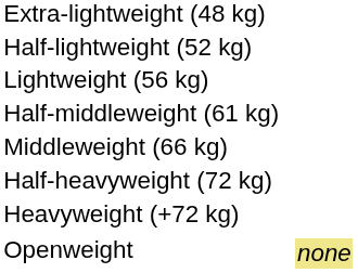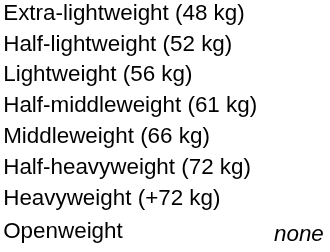 <table>
 <tr>
 <td rowspan=2>Extra-lightweight (48 kg)<br></td>
 <td rowspan=2></td>
 <td rowspan=2></td>
 <td></td>
 </tr>
 <tr>
 <td></td>
 </tr>
 <tr>
 <td rowspan=2>Half-lightweight (52 kg)<br></td>
 <td rowspan=2></td>
 <td rowspan=2></td>
 <td></td>
 </tr>
 <tr>
 <td></td>
 </tr>
 <tr>
 <td rowspan=2>Lightweight (56 kg)<br></td>
 <td rowspan=2></td>
 <td rowspan=2></td>
 <td></td>
 </tr>
 <tr>
 <td></td>
 </tr>
 <tr>
 <td rowspan=2>Half-middleweight (61 kg)<br></td>
 <td rowspan=2></td>
 <td rowspan=2></td>
 <td></td>
 </tr>
 <tr>
 <td></td>
 </tr>
 <tr>
 <td rowspan=2>Middleweight (66 kg)<br></td>
 <td rowspan=2></td>
 <td rowspan=2></td>
 <td></td>
 </tr>
 <tr>
 <td></td>
 </tr>
 <tr>
 <td rowspan=2>Half-heavyweight (72 kg)<br></td>
 <td rowspan=2></td>
 <td rowspan=2></td>
 <td></td>
 </tr>
 <tr>
 <td></td>
 </tr>
 <tr>
 <td rowspan=2>Heavyweight (+72 kg)<br></td>
 <td rowspan=2></td>
 <td rowspan=2></td>
 <td></td>
 </tr>
 <tr>
 <td></td>
 </tr>
 <tr>
 <td rowspan=2>Openweight<br></td>
 <td rowspan=2></td>
 <td rowspan=2></td>
 <td></td>
 </tr>
 <tr>
-<td style="background: khaki;"><em>none</em></td>
+<td><em>none</em></td>
 </tr>
 </table>
